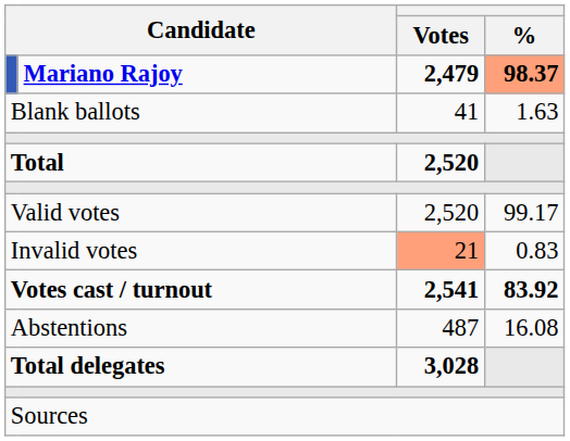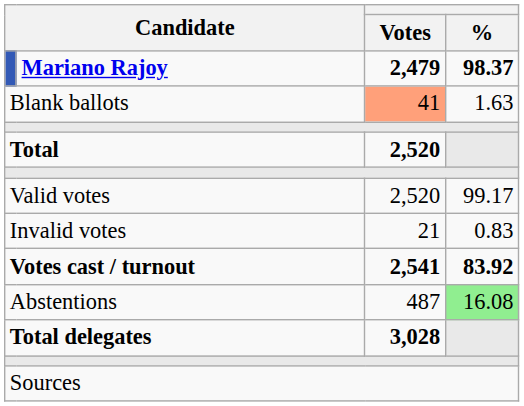 <table class="wikitable" style="text-align:right;">
 <tr>
 <th rowspan="2" colspan="2" width="250">Candidate</th>
 <th colspan="2"></th>
 </tr>
 <tr>
 <th width="50">Votes</th>
 <th width="45">%</th>
 </tr>
 <tr>
 <td width="1" style="color:inherit;background:#3259B6"></td>
 <td align="left"><strong><a href='#'>Mariano Rajoy</a></strong></td>
 <td><strong>2,479</strong></td>
-<td style="background: lightsalmon;"><strong>98.37</strong></td>
+<td><strong>98.37</strong></td>
 </tr>
 <tr>
 <td align="left" colspan="2">Blank ballots</td>
-<td>41</td>
+<td style="background: lightsalmon;">41</td>
 <td>1.63</td>
 </tr>
 <tr>
 <td colspan="4" bgcolor="#E9E9E9"></td>
 </tr>
 <tr style="font-weight:bold;">
 <td align="left" colspan="2">Total</td>
 <td>2,520</td>
 <td bgcolor="#E9E9E9"></td>
 </tr>
 <tr>
 <td colspan="4" bgcolor="#E9E9E9"></td>
 </tr>
 <tr>
 <td align="left" colspan="2">Valid votes</td>
 <td>2,520</td>
 <td>99.17</td>
 </tr>
 <tr>
 <td align="left" colspan="2">Invalid votes</td>
-<td style="background: lightsalmon;">21</td>
+<td>21</td>
 <td>0.83</td>
 </tr>
 <tr style="font-weight:bold;">
 <td align="left" colspan="2">Votes cast / turnout</td>
 <td>2,541</td>
 <td>83.92</td>
 </tr>
 <tr>
 <td align="left" colspan="2">Abstentions</td>
 <td>487</td>
-<td>16.08</td>
+<td style="background: lightgreen;">16.08</td>
 </tr>
 <tr style="font-weight:bold;">
 <td align="left" colspan="2">Total delegates</td>
 <td>3,028</td>
 <td bgcolor="#E9E9E9"></td>
 </tr>
 <tr>
 <td colspan="4" bgcolor="#E9E9E9"></td>
 </tr>
 <tr>
 <td align="left" colspan="4">Sources</td>
 </tr>
 </table>
